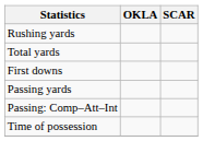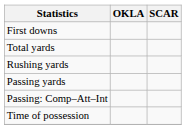 <table class="wikitable" style="float: left;">
 <tr>
 <th>Statistics</th>
 <th>OKLA</th>
 <th>SCAR</th>
 </tr>
 <tr>
-<td>Rushing yards</td>
+<td>First downs</td>
 <td></td>
 <td></td>
 </tr>
 <tr>
 <td>Total yards</td>
 <td></td>
 <td></td>
 </tr>
 <tr>
-<td>First downs</td>
+<td>Rushing yards</td>
 <td></td>
 <td></td>
 </tr>
 <tr>
 <td>Passing yards</td>
 <td></td>
 <td></td>
 </tr>
 <tr>
 <td>Passing: Comp–Att–Int</td>
 <td></td>
 <td></td>
 </tr>
 <tr>
 <td>Time of possession</td>
 <td></td>
 <td></td>
 </tr>
 <tr>
 </tr>
 </table>
